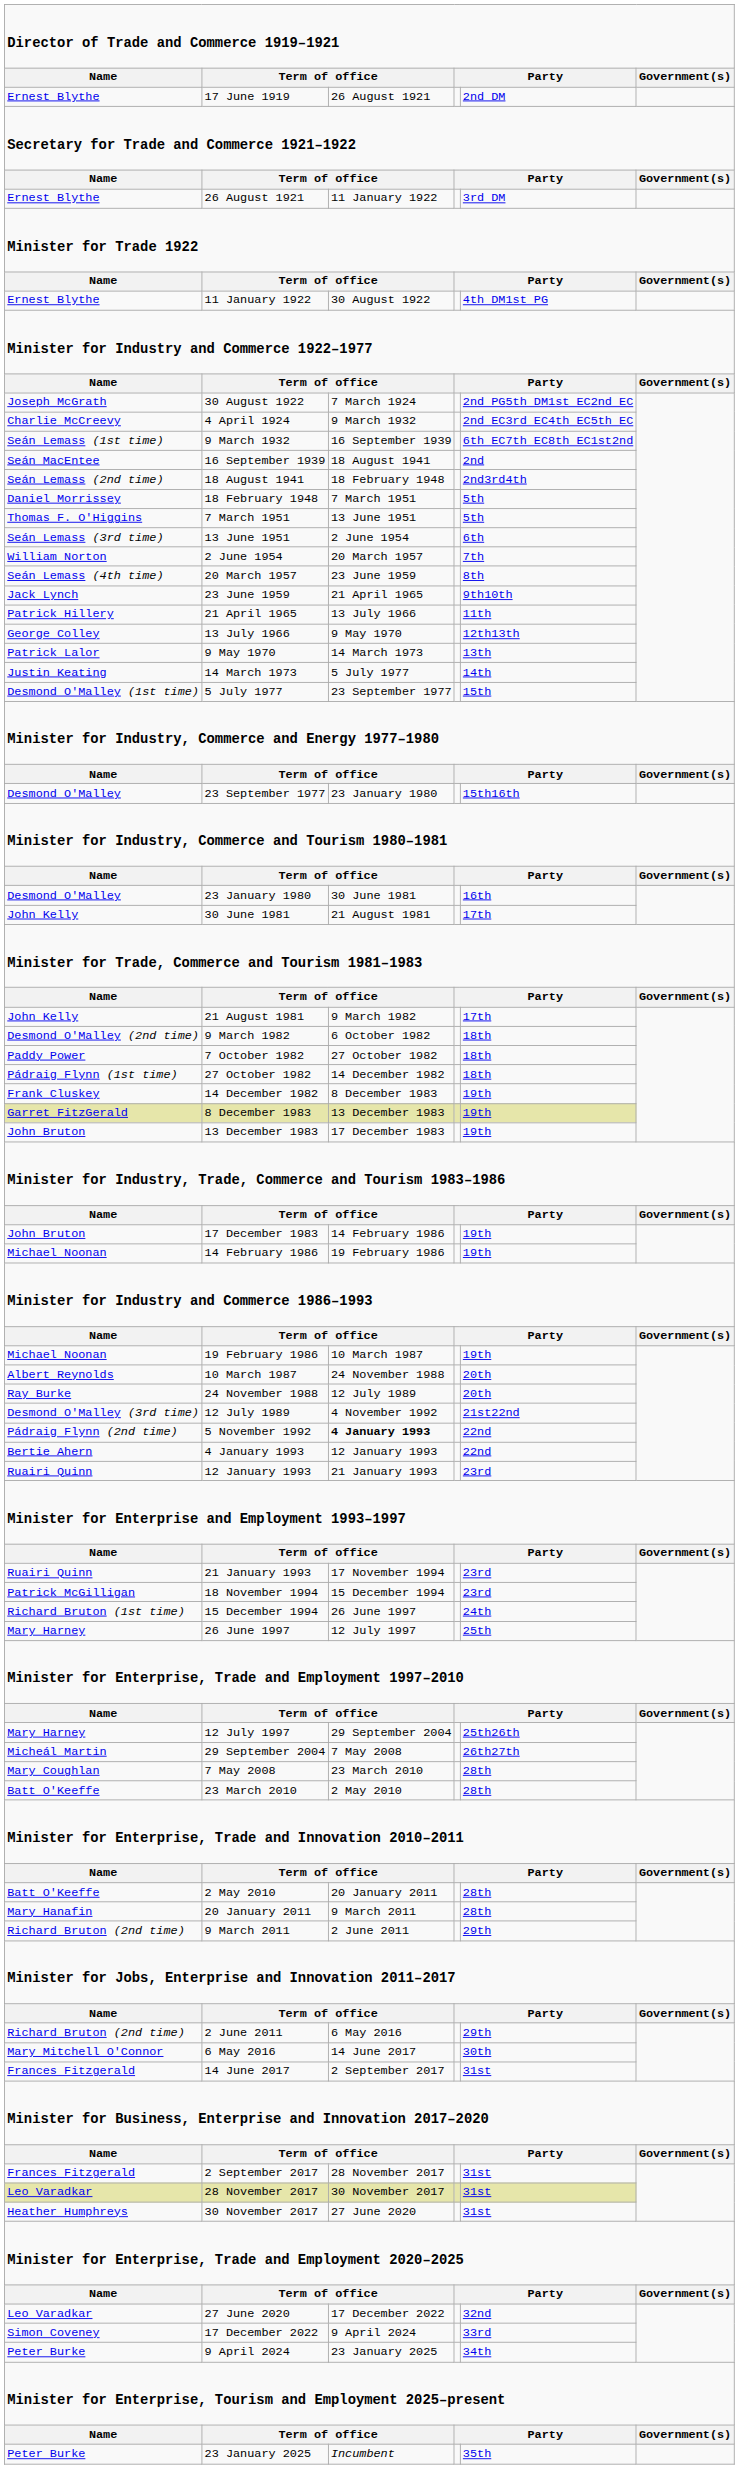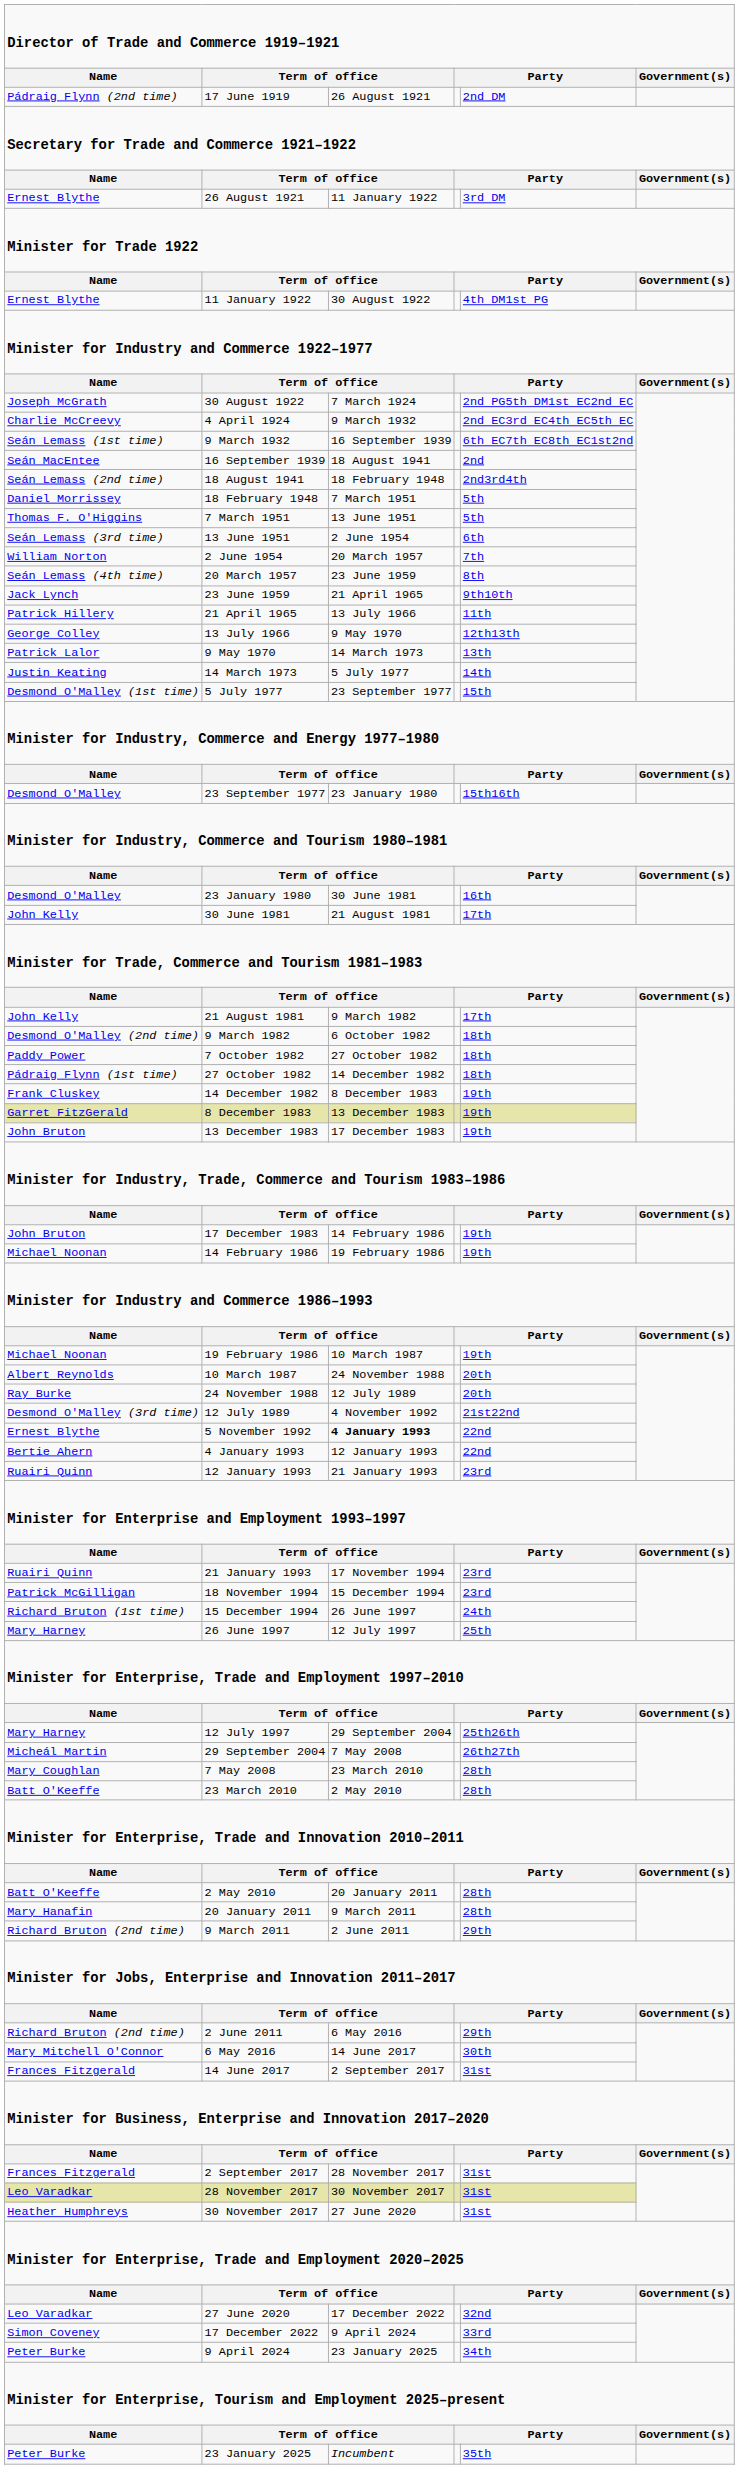 <table class="wikitable">
 <tr>
 <td colspan="7"><br><h3>Director of Trade and Commerce 1919–1921</h3></td>
 </tr>
 <tr>
 <th>Name</th>
 <th colspan="2">Term of office</th>
 <th colspan="2">Party</th>
 <th>Government(s)</th>
 </tr>
 <tr>
-<td><a href='#'>Ernest Blythe</a></td>
+<td><a href='#'>Pádraig Flynn</a> <em>(2nd time)</em></td>
 <td>17 June 1919</td>
 <td>26 August 1921</td>
 <td></td>
 <td><a href='#'>2nd DM</a></td>
 </tr>
 <tr>
 <td colspan="7"><br><h3>Secretary for Trade and Commerce 1921–1922</h3></td>
 </tr>
 <tr>
 <th>Name</th>
 <th colspan="2">Term of office</th>
 <th colspan="2">Party</th>
 <th>Government(s)</th>
 </tr>
 <tr>
 <td><a href='#'>Ernest Blythe</a></td>
 <td>26 August 1921</td>
 <td>11 January 1922</td>
 <td></td>
 <td><a href='#'>3rd DM</a></td>
 </tr>
 <tr>
 <td colspan="7"><br><h3>Minister for Trade 1922</h3></td>
 </tr>
 <tr>
 <th>Name</th>
 <th colspan="2">Term of office</th>
 <th colspan="2">Party</th>
 <th>Government(s)</th>
 </tr>
 <tr>
 <td><a href='#'>Ernest Blythe</a></td>
 <td>11 January 1922</td>
 <td>30 August 1922</td>
 <td></td>
 <td><a href='#'>4th DM</a><a href='#'>1st PG</a></td>
 </tr>
 <tr>
 <td colspan="7"><br><h3>Minister for Industry and Commerce 1922–1977</h3></td>
 </tr>
 <tr>
 <th>Name</th>
 <th colspan="2">Term of office</th>
 <th colspan="2">Party</th>
 <th>Government(s)</th>
 </tr>
 <tr>
 <td><a href='#'>Joseph McGrath</a></td>
 <td>30 August 1922</td>
 <td>7 March 1924</td>
 <td></td>
 <td><a href='#'>2nd PG</a><a href='#'>5th DM</a><a href='#'>1st EC</a><a href='#'>2nd EC</a></td>
 </tr>
 <tr>
 <td><a href='#'>Charlie McCreevy</a></td>
 <td>4 April 1924</td>
 <td>9 March 1932</td>
 <td></td>
 <td><a href='#'>2nd EC</a><a href='#'>3rd EC</a><a href='#'>4th EC</a><a href='#'>5th EC</a></td>
 </tr>
 <tr>
 <td><a href='#'>Seán Lemass</a> <em>(1st time)</em></td>
 <td>9 March 1932</td>
 <td>16 September 1939</td>
 <td></td>
 <td><a href='#'>6th EC</a><a href='#'>7th EC</a><a href='#'>8th EC</a><a href='#'>1st</a><a href='#'>2nd</a></td>
 </tr>
 <tr>
 <td><a href='#'>Seán MacEntee</a></td>
 <td>16 September 1939</td>
 <td>18 August 1941</td>
 <td></td>
 <td><a href='#'>2nd</a></td>
 </tr>
 <tr>
 <td><a href='#'>Seán Lemass</a> <em>(2nd time)</em></td>
 <td>18 August 1941</td>
 <td>18 February 1948</td>
 <td></td>
 <td><a href='#'>2nd</a><a href='#'>3rd</a><a href='#'>4th</a></td>
 </tr>
 <tr>
 <td><a href='#'>Daniel Morrissey</a></td>
 <td>18 February 1948</td>
 <td>7 March 1951</td>
 <td></td>
 <td><a href='#'>5th</a></td>
 </tr>
 <tr>
 <td><a href='#'>Thomas F. O'Higgins</a></td>
 <td>7 March 1951</td>
 <td>13 June 1951</td>
 <td></td>
 <td><a href='#'>5th</a></td>
 </tr>
 <tr>
 <td><a href='#'>Seán Lemass</a> <em>(3rd time)</em></td>
 <td>13 June 1951</td>
 <td>2 June 1954</td>
 <td></td>
 <td><a href='#'>6th</a></td>
 </tr>
 <tr>
 <td><a href='#'>William Norton</a></td>
 <td>2 June 1954</td>
 <td>20 March 1957</td>
 <td></td>
 <td><a href='#'>7th</a></td>
 </tr>
 <tr>
 <td><a href='#'>Seán Lemass</a> <em>(4th time)</em></td>
 <td>20 March 1957</td>
 <td>23 June 1959</td>
 <td></td>
 <td><a href='#'>8th</a></td>
 </tr>
 <tr>
 <td><a href='#'>Jack Lynch</a></td>
 <td>23 June 1959</td>
 <td>21 April 1965</td>
 <td></td>
 <td><a href='#'>9th</a><a href='#'>10th</a></td>
 </tr>
 <tr>
 <td><a href='#'>Patrick Hillery</a></td>
 <td>21 April 1965</td>
 <td>13 July 1966</td>
 <td></td>
 <td><a href='#'>11th</a></td>
 </tr>
 <tr>
 <td><a href='#'>George Colley</a></td>
 <td>13 July 1966</td>
 <td>9 May 1970</td>
 <td></td>
 <td><a href='#'>12th</a><a href='#'>13th</a></td>
 </tr>
 <tr>
 <td><a href='#'>Patrick Lalor</a></td>
 <td>9 May 1970</td>
 <td>14 March 1973</td>
 <td></td>
 <td><a href='#'>13th</a></td>
 </tr>
 <tr>
 <td><a href='#'>Justin Keating</a></td>
 <td>14 March 1973</td>
 <td>5 July 1977</td>
 <td></td>
 <td><a href='#'>14th</a></td>
 </tr>
 <tr>
 <td><a href='#'>Desmond O'Malley</a> <em>(1st time)</em></td>
 <td>5 July 1977</td>
 <td>23 September 1977</td>
 <td></td>
 <td><a href='#'>15th</a></td>
 </tr>
 <tr>
 <td colspan="7"><br><h3>Minister for Industry, Commerce and Energy 1977–1980</h3></td>
 </tr>
 <tr>
 <th>Name</th>
 <th colspan="2">Term of office</th>
 <th colspan="2">Party</th>
 <th>Government(s)</th>
 </tr>
 <tr>
 <td><a href='#'>Desmond O'Malley</a></td>
 <td>23 September 1977</td>
 <td>23 January 1980</td>
 <td></td>
 <td><a href='#'>15th</a><a href='#'>16th</a></td>
 </tr>
 <tr>
 <td colspan="7"><br><h3>Minister for Industry, Commerce and Tourism 1980–1981</h3></td>
 </tr>
 <tr>
 <th>Name</th>
 <th colspan="2">Term of office</th>
 <th colspan="2">Party</th>
 <th>Government(s)</th>
 </tr>
 <tr>
 <td><a href='#'>Desmond O'Malley</a></td>
 <td>23 January 1980</td>
 <td>30 June 1981</td>
 <td></td>
 <td><a href='#'>16th</a></td>
 </tr>
 <tr>
 <td><a href='#'>John Kelly</a></td>
 <td>30 June 1981</td>
 <td>21 August 1981</td>
 <td></td>
 <td><a href='#'>17th</a></td>
 </tr>
 <tr>
 <td colspan="7"><br><h3>Minister for Trade, Commerce and Tourism 1981–1983</h3></td>
 </tr>
 <tr>
 <th>Name</th>
 <th colspan="2">Term of office</th>
 <th colspan="2">Party</th>
 <th>Government(s)</th>
 </tr>
 <tr>
 <td><a href='#'>John Kelly</a></td>
 <td>21 August 1981</td>
 <td>9 March 1982</td>
 <td></td>
 <td><a href='#'>17th</a></td>
 </tr>
 <tr>
 <td><a href='#'>Desmond O'Malley</a> <em>(2nd time)</em></td>
 <td>9 March 1982</td>
 <td>6 October 1982</td>
 <td></td>
 <td><a href='#'>18th</a></td>
 </tr>
 <tr>
 <td><a href='#'>Paddy Power</a></td>
 <td>7 October 1982</td>
 <td>27 October 1982</td>
 <td></td>
 <td><a href='#'>18th</a></td>
 </tr>
 <tr>
 <td><a href='#'>Pádraig Flynn</a> <em>(1st time)</em></td>
 <td>27 October 1982</td>
 <td>14 December 1982</td>
 <td></td>
 <td><a href='#'>18th</a></td>
 </tr>
 <tr>
 <td><a href='#'>Frank Cluskey</a></td>
 <td>14 December 1982</td>
 <td>8 December 1983</td>
 <td></td>
 <td><a href='#'>19th</a></td>
 </tr>
 <tr bgcolor=#E6E6AA>
 <td><a href='#'>Garret FitzGerald</a> </td>
 <td>8 December 1983</td>
 <td>13 December 1983</td>
 <td></td>
 <td><a href='#'>19th</a></td>
 </tr>
 <tr>
 <td><a href='#'>John Bruton</a></td>
 <td>13 December 1983</td>
 <td>17 December 1983</td>
 <td></td>
 <td><a href='#'>19th</a></td>
 </tr>
 <tr>
 <td colspan="7"><br><h3>Minister for Industry, Trade, Commerce and Tourism 1983–1986</h3></td>
 </tr>
 <tr>
 <th>Name</th>
 <th colspan="2">Term of office</th>
 <th colspan="2">Party</th>
 <th>Government(s)</th>
 </tr>
 <tr>
 <td><a href='#'>John Bruton</a></td>
 <td>17 December 1983</td>
 <td>14 February 1986</td>
 <td></td>
 <td><a href='#'>19th</a></td>
 </tr>
 <tr>
 <td><a href='#'>Michael Noonan</a></td>
 <td>14 February 1986</td>
 <td>19 February 1986</td>
 <td></td>
 <td><a href='#'>19th</a></td>
 </tr>
 <tr>
 <td colspan="7"><br><h3>Minister for Industry and Commerce 1986–1993</h3></td>
 </tr>
 <tr>
 <th>Name</th>
 <th colspan="2">Term of office</th>
 <th colspan="2">Party</th>
 <th>Government(s)</th>
 </tr>
 <tr>
 <td><a href='#'>Michael Noonan</a></td>
 <td>19 February 1986</td>
 <td>10 March 1987</td>
 <td></td>
 <td><a href='#'>19th</a></td>
 </tr>
 <tr>
 <td><a href='#'>Albert Reynolds</a></td>
 <td>10 March 1987</td>
 <td>24 November 1988</td>
 <td></td>
 <td><a href='#'>20th</a></td>
 </tr>
 <tr>
 <td><a href='#'>Ray Burke</a></td>
 <td>24 November 1988</td>
 <td>12 July 1989</td>
 <td></td>
 <td><a href='#'>20th</a></td>
 </tr>
 <tr>
 <td><a href='#'>Desmond O'Malley</a> <em>(3rd time)</em></td>
 <td>12 July 1989</td>
 <td>4 November 1992</td>
 <td></td>
 <td><a href='#'>21st</a><a href='#'>22nd</a></td>
 </tr>
 <tr>
-<td><a href='#'>Pádraig Flynn</a> <em>(2nd time)</em></td>
+<td><a href='#'>Ernest Blythe</a></td>
 <td>5 November 1992</td>
 <td><strong>4 January 1993</strong></td>
 <td></td>
 <td><a href='#'>22nd</a></td>
 </tr>
 <tr>
 <td><a href='#'>Bertie Ahern</a></td>
 <td>4 January 1993</td>
 <td>12 January 1993</td>
 <td></td>
 <td><a href='#'>22nd</a></td>
 </tr>
 <tr>
 <td><a href='#'>Ruairi Quinn</a></td>
 <td>12 January 1993</td>
 <td>21 January 1993</td>
 <td></td>
 <td><a href='#'>23rd</a></td>
 </tr>
 <tr>
 <td colspan="7"><br><h3>Minister for Enterprise and Employment 1993–1997</h3></td>
 </tr>
 <tr>
 <th>Name</th>
 <th colspan="2">Term of office</th>
 <th colspan="2">Party</th>
 <th>Government(s)</th>
 </tr>
 <tr>
 <td><a href='#'>Ruairi Quinn</a></td>
 <td>21 January 1993</td>
 <td>17 November 1994</td>
 <td></td>
 <td><a href='#'>23rd</a></td>
 </tr>
 <tr>
 <td><a href='#'>Patrick McGilligan</a></td>
 <td>18 November 1994</td>
 <td>15 December 1994</td>
 <td></td>
 <td><a href='#'>23rd</a></td>
 </tr>
 <tr>
 <td><a href='#'>Richard Bruton</a> <em>(1st time)</em></td>
 <td>15 December 1994</td>
 <td>26 June 1997</td>
 <td></td>
 <td><a href='#'>24th</a></td>
 </tr>
 <tr>
 <td><a href='#'>Mary Harney</a></td>
 <td>26 June 1997</td>
 <td>12 July 1997</td>
 <td></td>
 <td><a href='#'>25th</a></td>
 </tr>
 <tr>
 <td colspan="7"><br><h3>Minister for Enterprise, Trade and Employment 1997–2010</h3></td>
 </tr>
 <tr>
 <th>Name</th>
 <th colspan="2">Term of office</th>
 <th colspan="2">Party</th>
 <th>Government(s)</th>
 </tr>
 <tr>
 <td><a href='#'>Mary Harney</a></td>
 <td>12 July 1997</td>
 <td>29 September 2004</td>
 <td></td>
 <td><a href='#'>25th</a><a href='#'>26th</a></td>
 </tr>
 <tr>
 <td><a href='#'>Micheál Martin</a></td>
 <td>29 September 2004</td>
 <td>7 May 2008</td>
 <td></td>
 <td><a href='#'>26th</a><a href='#'>27th</a></td>
 </tr>
 <tr>
 <td><a href='#'>Mary Coughlan</a></td>
 <td>7 May 2008</td>
 <td>23 March 2010</td>
 <td></td>
 <td><a href='#'>28th</a></td>
 </tr>
 <tr>
 <td><a href='#'>Batt O'Keeffe</a></td>
 <td>23 March 2010</td>
 <td>2 May 2010</td>
 <td></td>
 <td><a href='#'>28th</a></td>
 </tr>
 <tr>
 <td colspan="7"><br><h3>Minister for Enterprise, Trade and Innovation 2010–2011</h3></td>
 </tr>
 <tr>
 <th>Name</th>
 <th colspan="2">Term of office</th>
 <th colspan="2">Party</th>
 <th>Government(s)</th>
 </tr>
 <tr>
 <td><a href='#'>Batt O'Keeffe</a></td>
 <td>2 May 2010</td>
 <td>20 January 2011</td>
 <td></td>
 <td><a href='#'>28th</a></td>
 </tr>
 <tr>
 <td><a href='#'>Mary Hanafin</a></td>
 <td>20 January 2011</td>
 <td>9 March 2011</td>
 <td></td>
 <td><a href='#'>28th</a></td>
 </tr>
 <tr>
 <td><a href='#'>Richard Bruton</a> <em>(2nd time)</em></td>
 <td>9 March 2011</td>
 <td>2 June 2011</td>
 <td></td>
 <td><a href='#'>29th</a></td>
 </tr>
 <tr>
 <td colspan="7"><br><h3>Minister for Jobs, Enterprise and Innovation 2011–2017</h3></td>
 </tr>
 <tr>
 <th>Name</th>
 <th colspan="2">Term of office</th>
 <th colspan="2">Party</th>
 <th>Government(s)</th>
 </tr>
 <tr>
 <td><a href='#'>Richard Bruton</a> <em>(2nd time)</em></td>
 <td>2 June 2011</td>
 <td>6 May 2016</td>
 <td></td>
 <td><a href='#'>29th</a></td>
 </tr>
 <tr>
 <td><a href='#'>Mary Mitchell O'Connor</a></td>
 <td>6 May 2016</td>
 <td>14 June 2017</td>
 <td></td>
 <td><a href='#'>30th</a></td>
 </tr>
 <tr>
 <td><a href='#'>Frances Fitzgerald</a></td>
 <td>14 June 2017</td>
 <td>2 September 2017</td>
 <td></td>
 <td><a href='#'>31st</a></td>
 </tr>
 <tr>
 <td colspan="7"><br><h3>Minister for Business, Enterprise and Innovation 2017–2020</h3></td>
 </tr>
 <tr>
 <th>Name</th>
 <th colspan="2">Term of office</th>
 <th colspan="2">Party</th>
 <th>Government(s)</th>
 </tr>
 <tr>
 <td><a href='#'>Frances Fitzgerald</a></td>
 <td>2 September 2017</td>
 <td>28 November 2017</td>
 <td></td>
 <td><a href='#'>31st</a></td>
 </tr>
 <tr bgcolor=#E6E6AA>
 <td><a href='#'>Leo Varadkar</a> </td>
 <td>28 November 2017</td>
 <td>30 November 2017</td>
 <td></td>
 <td><a href='#'>31st</a></td>
 </tr>
 <tr>
 <td><a href='#'>Heather Humphreys</a></td>
 <td>30 November 2017</td>
 <td>27 June 2020</td>
 <td></td>
 <td><a href='#'>31st</a></td>
 </tr>
 <tr>
 <td colspan="7"><br><h3>Minister for Enterprise, Trade and Employment 2020–2025</h3></td>
 </tr>
 <tr>
 <th>Name</th>
 <th colspan="2">Term of office</th>
 <th colspan="2">Party</th>
 <th>Government(s)</th>
 </tr>
 <tr>
 <td><a href='#'>Leo Varadkar</a></td>
 <td>27 June 2020</td>
 <td>17 December 2022</td>
 <td></td>
 <td><a href='#'>32nd</a></td>
 </tr>
 <tr>
 <td><a href='#'>Simon Coveney</a></td>
 <td>17 December 2022</td>
 <td>9 April 2024</td>
 <td></td>
 <td><a href='#'>33rd</a></td>
 </tr>
 <tr>
 <td><a href='#'>Peter Burke</a></td>
 <td>9 April 2024</td>
 <td>23 January 2025</td>
 <td></td>
 <td><a href='#'>34th</a></td>
 </tr>
 <tr>
 <td colspan="7"><br><h3>Minister for Enterprise, Tourism and Employment 2025–present</h3></td>
 </tr>
 <tr>
 <th>Name</th>
 <th colspan="2">Term of office</th>
 <th colspan="2">Party</th>
 <th>Government(s)</th>
 </tr>
 <tr>
 <td><a href='#'>Peter Burke</a></td>
 <td>23 January 2025</td>
 <td><em>Incumbent</em></td>
 <td></td>
 <td><a href='#'>35th</a></td>
 </tr>
 </table>
